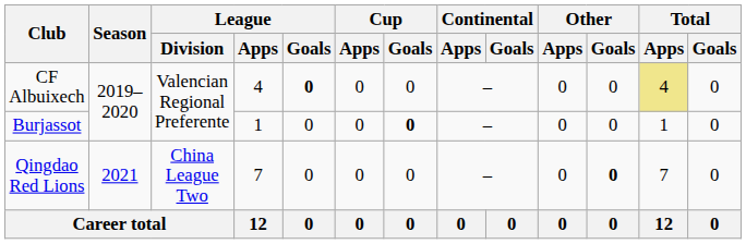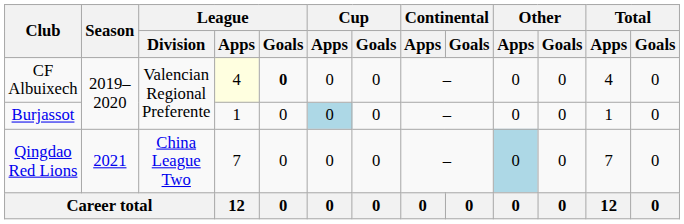 <table class="wikitable" style="text-align: center">
 <tr>
 <th rowspan="2">Club</th>
 <th rowspan="2">Season</th>
 <th colspan="3">League</th>
 <th colspan="2">Cup</th>
 <th colspan="2">Continental</th>
 <th colspan="2">Other</th>
 <th colspan="2">Total</th>
 </tr>
 <tr>
 <th>Division</th>
 <th>Apps</th>
 <th>Goals</th>
 <th>Apps</th>
 <th>Goals</th>
 <th>Apps</th>
 <th>Goals</th>
 <th>Apps</th>
 <th>Goals</th>
 <th>Apps</th>
 <th>Goals</th>
 </tr>
 <tr>
 <td>CF Albuixech</td>
 <td rowspan="2">2019–2020</td>
 <td rowspan="2">Valencian Regional Preferente</td>
-<td>4</td>
+<td style="background: lightyellow;">4</td>
 <td><strong>0</strong></td>
 <td>0</td>
 <td>0</td>
 <td colspan="2">–</td>
 <td>0</td>
 <td>0</td>
-<td style="background: khaki;">4</td>
+<td>4</td>
 <td>0</td>
 </tr>
 <tr>
 <td><a href='#'>Burjassot</a></td>
 <td>1</td>
 <td>0</td>
+<td style="background: lightblue;">0</td>
 <td>0</td>
-<td><strong>0</strong></td>
 <td colspan="2">–</td>
 <td>0</td>
 <td>0</td>
 <td>1</td>
 <td>0</td>
 </tr>
 <tr>
 <td><a href='#'>Qingdao Red Lions</a></td>
 <td><a href='#'>2021</a></td>
 <td><a href='#'>China League Two</a></td>
 <td>7</td>
 <td>0</td>
 <td>0</td>
 <td>0</td>
 <td colspan="2">–</td>
+<td style="background: lightblue;">0</td>
 <td>0</td>
-<td><strong>0</strong></td>
 <td>7</td>
 <td>0</td>
 </tr>
 <tr>
 <th colspan=3>Career total</th>
 <th>12</th>
 <th>0</th>
 <th>0</th>
 <th>0</th>
 <th>0</th>
 <th>0</th>
 <th>0</th>
 <th>0</th>
 <th>12</th>
 <th>0</th>
 </tr>
 </table>
